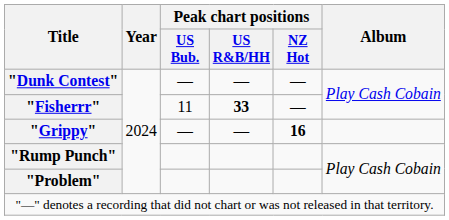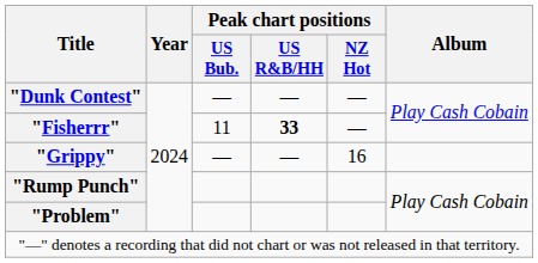 <table class="wikitable plainrowheaders" style="text-align:center;">
 <tr>
 <th scope="col" rowspan="2">Title</th>
 <th scope="col" rowspan="2">Year</th>
 <th scope="col" colspan="3">Peak chart positions</th>
 <th scope="col" rowspan="2">Album</th>
 </tr>
 <tr>
 <th scope="col" style="width:3em;font-size:90%;"><a href='#'>US<br>Bub.</a><br></th>
 <th scope="col" style="width:3em;font-size:90%;"><a href='#'>US<br>R&B/HH</a><br></th>
 <th scope="col" style="width:3em;font-size:90%;"><a href='#'>NZ<br>Hot</a><br></th>
 </tr>
 <tr>
 <th scope="row">"<a href='#'>Dunk Contest</a>"</th>
 <td rowspan="5">2024</td>
 <td>—</td>
 <td>—</td>
 <td>—</td>
 <td rowspan="2"><em><a href='#'>Play Cash Cobain</a></em></td>
 </tr>
 <tr>
 <th scope="row">"<a href='#'>Fisherrr</a>"<br></th>
 <td>11</td>
 <td><strong>33</strong></td>
 <td>—</td>
 </tr>
 <tr>
 <th scope="row">"<a href='#'>Grippy</a>"<br></th>
 <td>—</td>
 <td>—</td>
-<td><strong>16</strong></td>
+<td>16</td>
 <td></td>
 </tr>
 <tr>
 <th scope="row">"Rump Punch"</th>
 <td></td>
 <td></td>
 <td></td>
 <td rowspan="2"><em>Play Cash Cobain</em></td>
 </tr>
 <tr>
 <th scope="row">"Problem"<br></th>
 <td></td>
 <td></td>
 <td></td>
 </tr>
 <tr>
 <td colspan="13" style="font-size:85%">"—" denotes a recording that did not chart or was not released in that territory.</td>
 </tr>
 </table>
